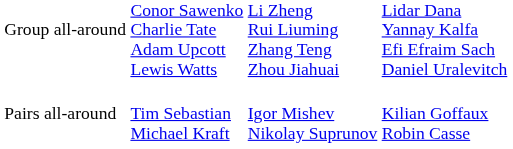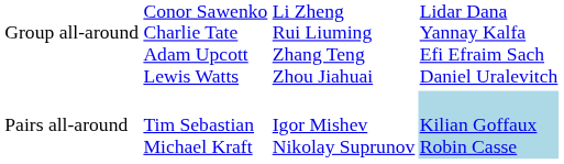 <table>
 <tr>
 <td>Group all-around<br></td>
 <td><br><a href='#'>Conor Sawenko</a><br><a href='#'>Charlie Tate</a><br><a href='#'>Adam Upcott</a><br><a href='#'>Lewis Watts</a></td>
 <td><br><a href='#'>Li Zheng</a><br><a href='#'>Rui Liuming</a><br><a href='#'>Zhang Teng</a><br><a href='#'>Zhou Jiahuai</a></td>
 <td><br><a href='#'>Lidar Dana</a><br><a href='#'>Yannay Kalfa</a><br><a href='#'>Efi Efraim Sach</a><br><a href='#'>Daniel Uralevitch</a></td>
 </tr>
 <tr>
 <td>Pairs all-around<br></td>
 <td><br><a href='#'>Tim Sebastian</a><br><a href='#'>Michael Kraft</a></td>
 <td><br><a href='#'>Igor Mishev</a><br><a href='#'>Nikolay Suprunov</a></td>
-<td><br><a href='#'>Kilian Goffaux</a><br><a href='#'>Robin Casse</a></td>
+<td style="background: lightblue;"><br><a href='#'>Kilian Goffaux</a><br><a href='#'>Robin Casse</a></td>
 </tr>
 </table>
